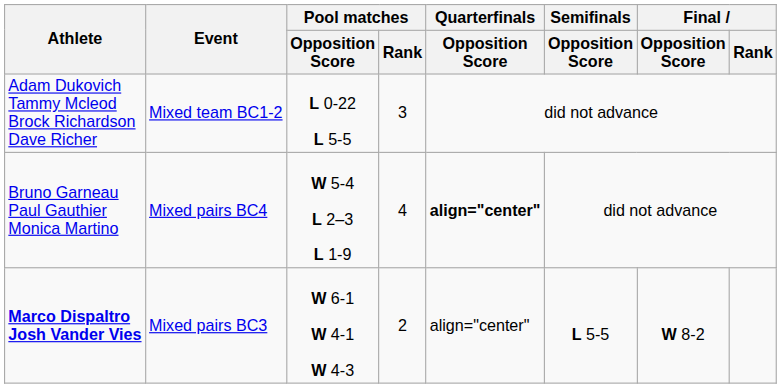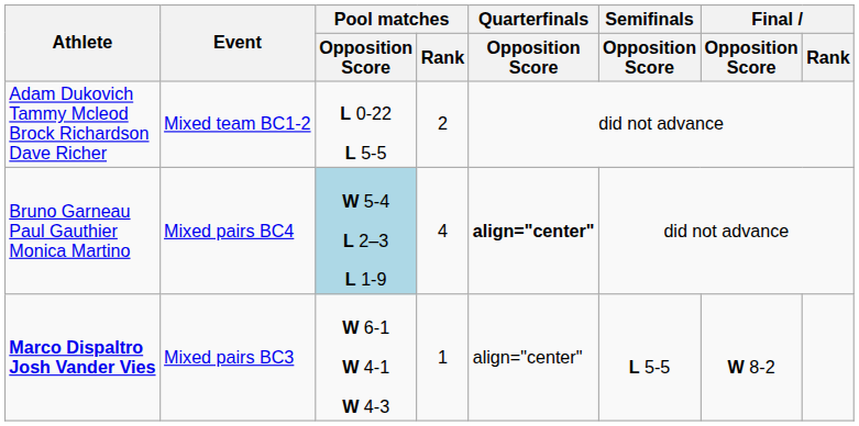 <table class=wikitable style="font-size:90%">
 <tr>
 <th rowspan="2">Athlete</th>
 <th rowspan="2">Event</th>
 <th colspan="2">Pool matches</th>
 <th>Quarterfinals</th>
 <th>Semifinals</th>
 <th colspan=2>Final / </th>
 </tr>
 <tr>
 <th>Opposition<br>Score</th>
 <th>Rank</th>
 <th>Opposition<br>Score</th>
 <th>Opposition<br>Score</th>
 <th>Opposition<br>Score</th>
 <th>Rank</th>
 </tr>
 <tr>
 <td><a href='#'>Adam Dukovich</a><br><a href='#'>Tammy Mcleod</a><br><a href='#'>Brock Richardson</a><br><a href='#'>Dave Richer</a></td>
 <td><a href='#'>Mixed team BC1-2</a></td>
 <td align="center"><br><strong>L</strong> 0-22<br><br><strong>L</strong> 5-5</td>
-<td align="center">3</td>
+<td align="center">2</td>
 <td align="center" colspan=4>did not advance</td>
 </tr>
 <tr>
 <td><a href='#'>Bruno Garneau</a><br><a href='#'>Paul Gauthier</a><br><a href='#'>Monica Martino</a></td>
 <td><a href='#'>Mixed pairs BC4</a></td>
-<td align="center"><br><strong>W</strong> 5-4<br><br><strong>L</strong> 2–3<br><br><strong>L</strong> 1-9</td>
+<td align="center" style="background: lightblue;"><br><strong>W</strong> 5-4<br><br><strong>L</strong> 2–3<br><br><strong>L</strong> 1-9</td>
 <td align="center">4</td>
 <td><strong>align="center" </strong></td>
 <td align="center" colspan=3>did not advance</td>
 </tr>
 <tr>
 <td><strong><a href='#'>Marco Dispaltro</a><br><a href='#'>Josh Vander Vies</a></strong></td>
 <td><a href='#'>Mixed pairs BC3</a></td>
 <td align="center"><br><strong>W</strong> 6-1<br><br><strong>W</strong> 4-1<br><br><strong>W</strong> 4-3</td>
-<td align="center">2</td>
+<td align="center">1</td>
 <td>align="center" </td>
 <td align="center"><br><strong>L</strong> 5-5</td>
 <td align="center"><br><strong>W</strong> 8-2</td>
 <td align="center"></td>
 </tr>
 </table>
